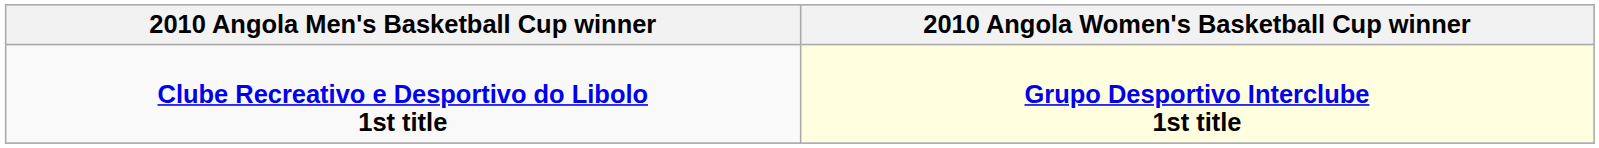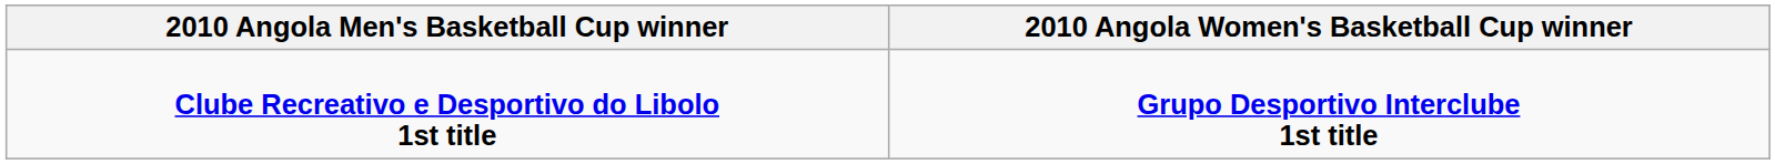 <table class=wikitable style="text-align:center; width: 1000px; margin:auto">
 <tr>
 <th width=600px>2010 Angola Men's Basketball Cup winner</th>
 <th width=600px>2010 Angola Women's Basketball Cup winner</th>
 </tr>
 <tr>
 <td><br><strong><a href='#'>Clube Recreativo e Desportivo do Libolo</a></strong><br><strong>1st title</strong></td>
-<td style="background: lightyellow;"><br><strong><a href='#'>Grupo Desportivo Interclube</a></strong><br><strong>1st title</strong></td>
+<td><br><strong><a href='#'>Grupo Desportivo Interclube</a></strong><br><strong>1st title</strong></td>
 </tr>
 </table>
